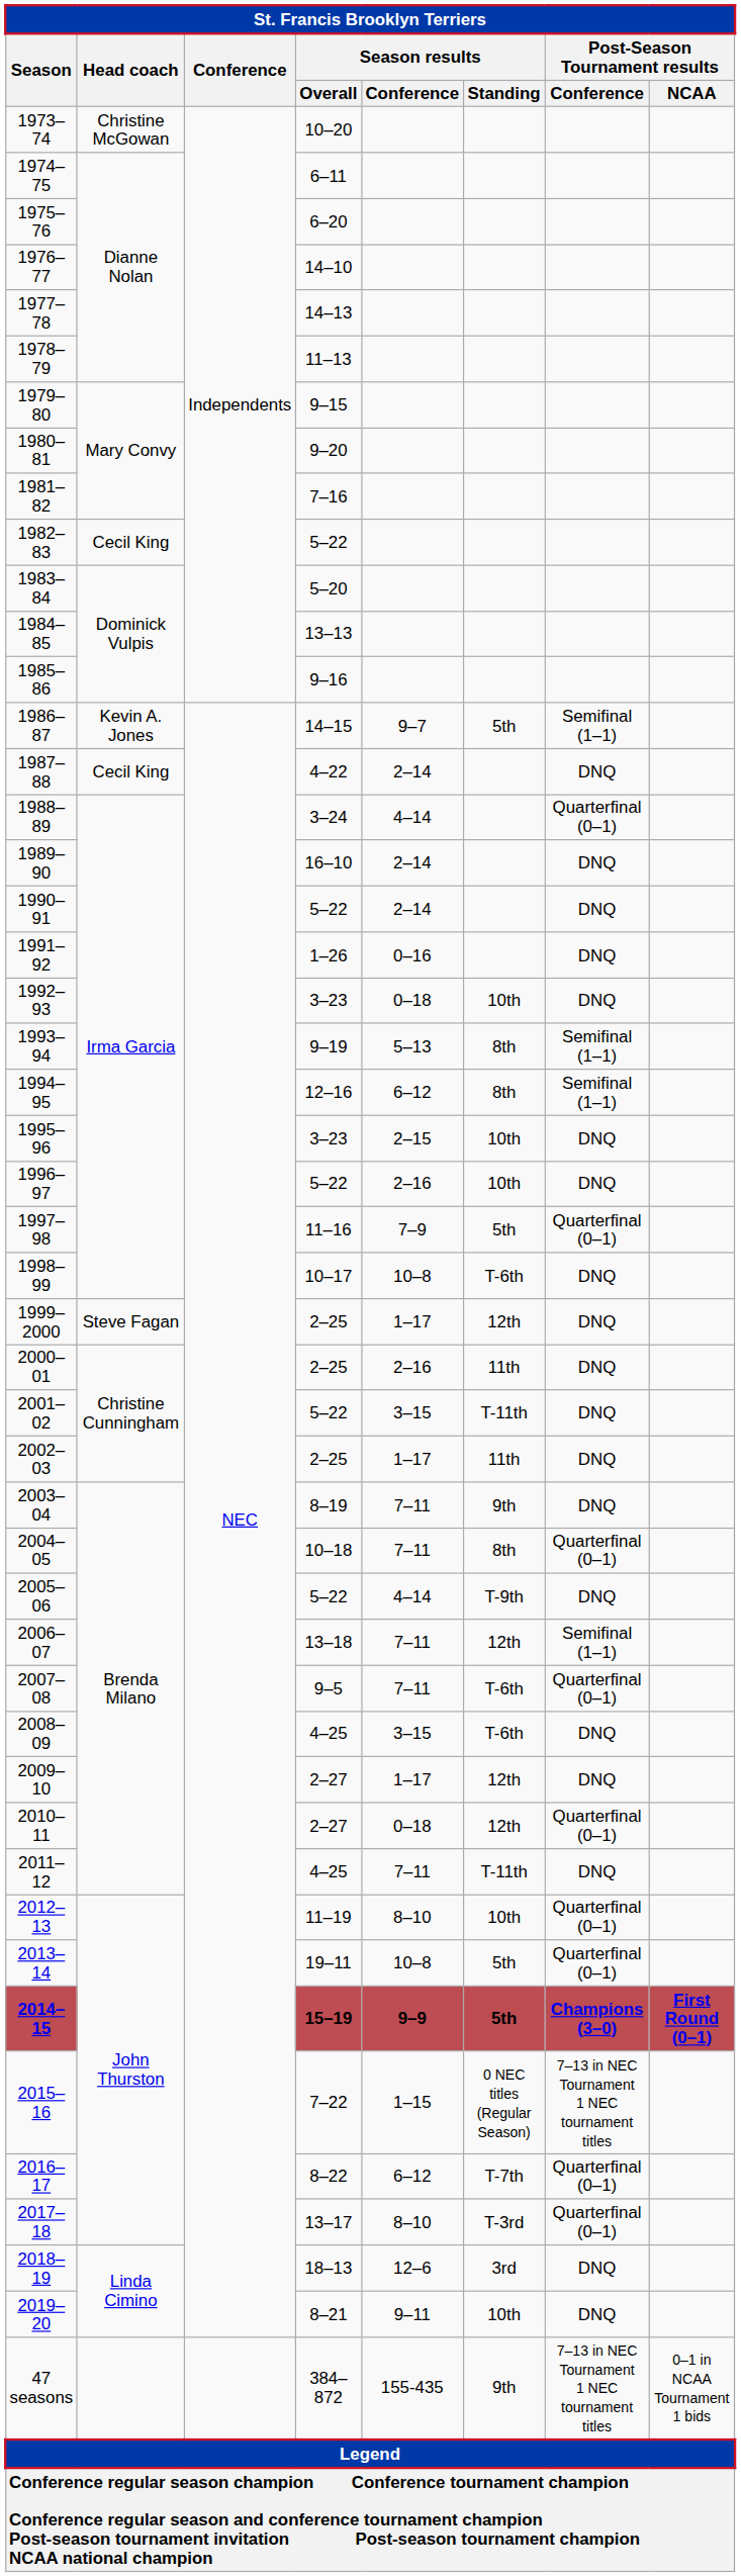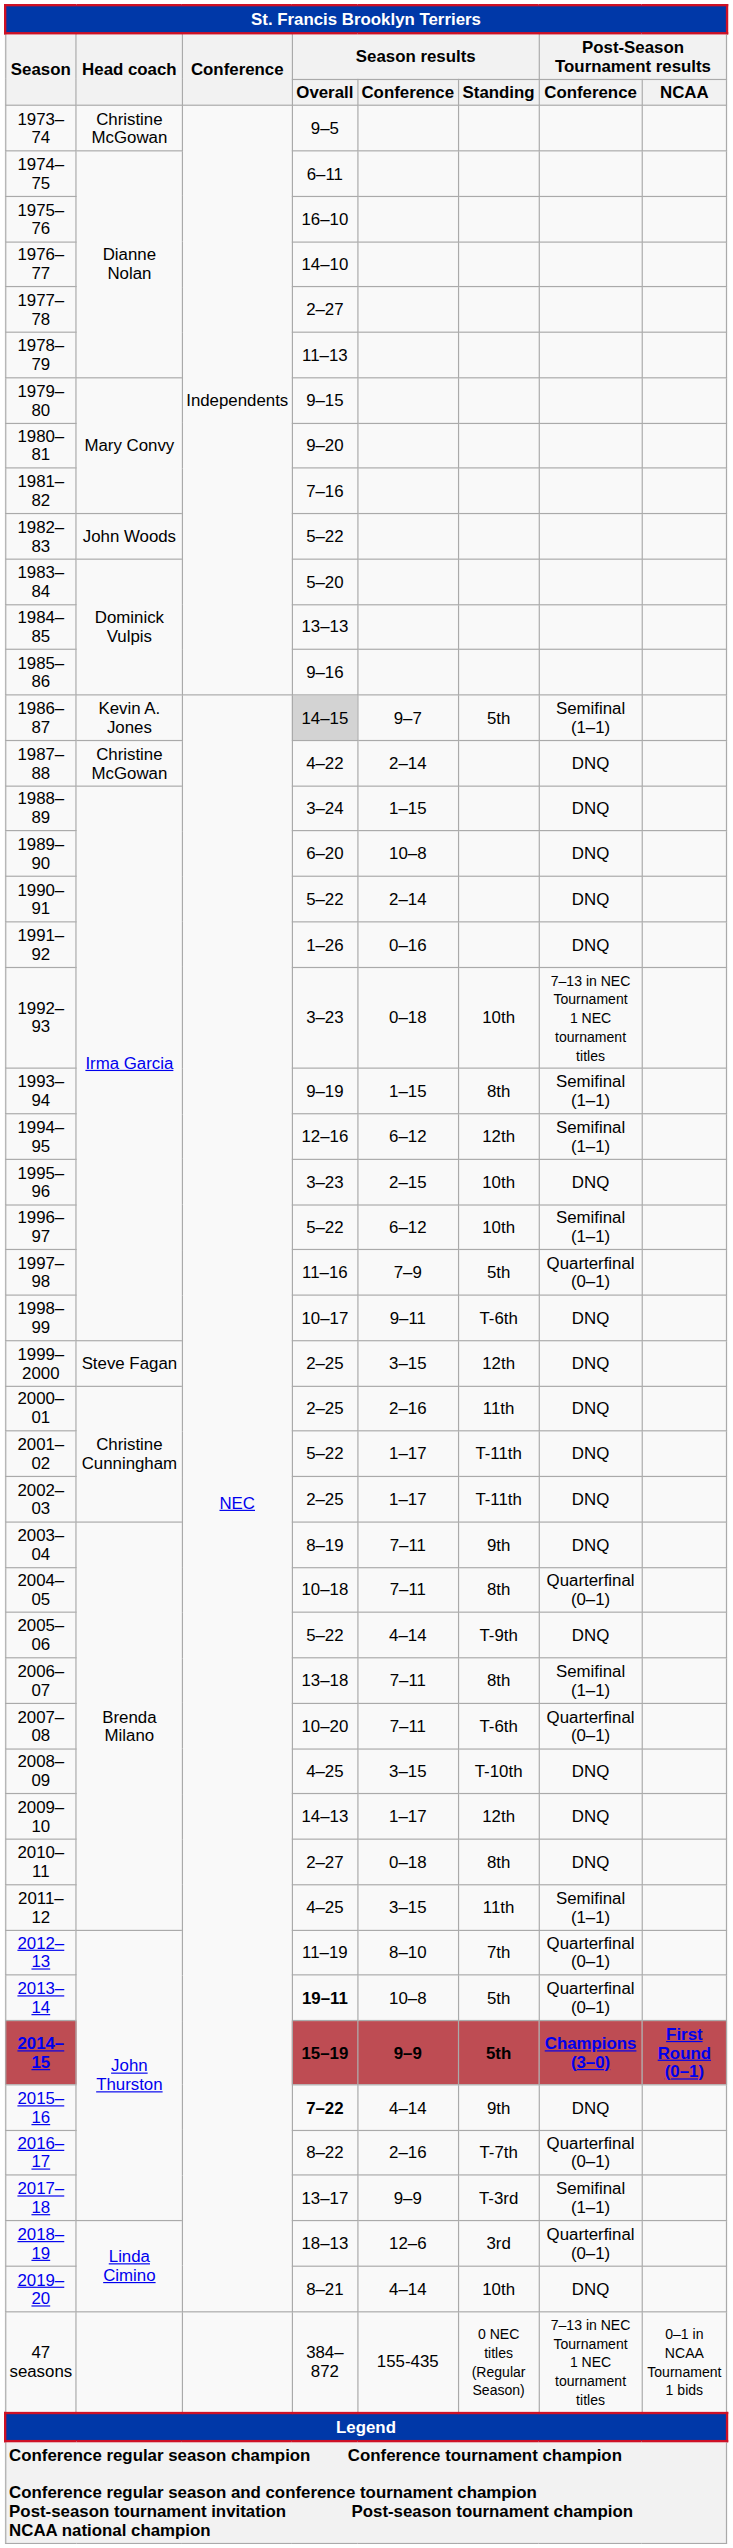 <table class="wikitable" style="font-size: 90%; width:70%; text-align:center;">
 <tr>
 <td colspan=10 style="background:#0038A8; border: 2px solid #CE1126;;color:#FFFFFF;"><strong>St. Francis Brooklyn Terriers</strong></td>
 </tr>
 <tr>
 <th rowspan="2">Season</th>
 <th rowspan="2">Head coach</th>
 <th rowspan="2">Conference</th>
 <th colspan="3">Season results</th>
 <th colspan="2">Post-Season Tournament results</th>
 </tr>
 <tr>
 <th rowspan="1">Overall</th>
 <th rowspan="1">Conference</th>
 <th rowspan="1">Standing</th>
 <th rowspan="1">Conference</th>
 <th rowspan="1">NCAA</th>
 </tr>
 <tr>
 <td>1973–74</td>
 <td>Christine McGowan</td>
 <td rowspan=13>Independents</td>
-<td>10–20</td>
+<td>9–5</td>
 <td></td>
 <td></td>
 <td></td>
 <td></td>
 </tr>
 <tr>
 <td>1974–75</td>
 <td rowspan=5>Dianne Nolan</td>
 <td>6–11</td>
 <td></td>
 <td></td>
 <td></td>
 <td></td>
 </tr>
 <tr>
 <td>1975–76</td>
-<td>6–20</td>
+<td>16–10</td>
 <td></td>
 <td></td>
 <td></td>
 <td></td>
 </tr>
 <tr>
 <td>1976–77</td>
 <td>14–10</td>
 <td></td>
 <td></td>
 <td></td>
 <td></td>
 </tr>
 <tr>
 <td>1977–78</td>
-<td>14–13</td>
+<td>2–27</td>
 <td></td>
 <td></td>
 <td></td>
 <td></td>
 </tr>
 <tr>
 <td>1978–79</td>
 <td>11–13</td>
 <td></td>
 <td></td>
 <td></td>
 <td></td>
 </tr>
 <tr>
 <td>1979–80</td>
 <td rowspan=3>Mary Convy</td>
 <td>9–15</td>
 <td></td>
 <td></td>
 <td></td>
 <td></td>
 </tr>
 <tr>
 <td>1980–81</td>
 <td>9–20</td>
 <td></td>
 <td></td>
 <td></td>
 <td></td>
 </tr>
 <tr>
 <td>1981–82</td>
 <td>7–16</td>
 <td></td>
 <td></td>
 <td></td>
 <td></td>
 </tr>
 <tr>
 <td>1982–83</td>
-<td>Cecil King</td>
+<td>John Woods</td>
 <td>5–22</td>
 <td></td>
 <td></td>
 <td></td>
 <td></td>
 </tr>
 <tr>
 <td>1983–84</td>
 <td rowspan=3>Dominick Vulpis</td>
 <td>5–20</td>
 <td></td>
 <td></td>
 <td></td>
 <td></td>
 </tr>
 <tr>
 <td>1984–85</td>
 <td>13–13</td>
 <td></td>
 <td></td>
 <td></td>
 <td></td>
 </tr>
 <tr>
 <td>1985–86</td>
 <td>9–16</td>
 <td></td>
 <td></td>
 <td></td>
 <td></td>
 </tr>
 <tr>
 <td>1986–87</td>
 <td>Kevin A. Jones</td>
 <td rowspan=34><a href='#'>NEC</a></td>
-<td>14–15</td>
+<td style="background: lightgrey;">14–15</td>
 <td>9–7</td>
 <td>5th</td>
 <td>Semifinal (1–1)</td>
 <td></td>
 </tr>
 <tr>
 <td>1987–88</td>
-<td>Cecil King</td>
+<td>Christine McGowan</td>
 <td>4–22</td>
 <td>2–14</td>
 <td></td>
 <td>DNQ</td>
 <td></td>
 </tr>
 <tr>
 <td>1988–89</td>
 <td rowspan=11><a href='#'>Irma Garcia</a></td>
 <td>3–24</td>
-<td>4–14</td>
+<td>1–15</td>
 <td></td>
-<td>Quarterfinal (0–1)</td>
+<td>DNQ</td>
 <td></td>
 </tr>
 <tr>
 <td>1989–90</td>
-<td>16–10</td>
-<td>2–14</td>
+<td>6–20</td>
+<td>10–8</td>
 <td></td>
 <td>DNQ</td>
 <td></td>
 </tr>
 <tr>
 <td>1990–91</td>
 <td>5–22</td>
 <td>2–14</td>
 <td></td>
 <td>DNQ</td>
 <td></td>
 </tr>
 <tr>
 <td>1991–92</td>
 <td>1–26</td>
 <td>0–16</td>
 <td></td>
 <td>DNQ</td>
 <td></td>
 </tr>
 <tr>
 <td>1992–93</td>
 <td>3–23</td>
 <td>0–18</td>
 <td>10th</td>
-<td>DNQ</td>
+<td><small> 7–13 in NEC Tournament<br>1 NEC tournament titles</small></td>
 <td></td>
 </tr>
 <tr>
 <td>1993–94</td>
 <td>9–19</td>
-<td>5–13</td>
+<td>1–15</td>
 <td>8th</td>
 <td>Semifinal (1–1)</td>
 <td></td>
 </tr>
 <tr>
 <td>1994–95</td>
 <td>12–16</td>
 <td>6–12</td>
-<td>8th</td>
+<td>12th</td>
 <td>Semifinal (1–1)</td>
 <td></td>
 </tr>
 <tr>
 <td>1995–96</td>
 <td>3–23</td>
 <td>2–15</td>
 <td>10th</td>
 <td>DNQ</td>
 <td></td>
 </tr>
 <tr>
 <td>1996–97</td>
 <td>5–22</td>
-<td>2–16</td>
+<td>6–12</td>
 <td>10th</td>
-<td>DNQ</td>
+<td>Semifinal (1–1)</td>
 <td></td>
 </tr>
 <tr>
 <td>1997–98</td>
 <td>11–16</td>
 <td>7–9</td>
 <td>5th</td>
 <td>Quarterfinal (0–1)</td>
 <td></td>
 </tr>
 <tr>
 <td>1998–99</td>
 <td>10–17</td>
-<td>10–8</td>
+<td>9–11</td>
 <td>T-6th</td>
 <td>DNQ</td>
 <td></td>
 </tr>
 <tr>
 <td>1999–2000</td>
 <td>Steve Fagan</td>
 <td>2–25</td>
-<td>1–17</td>
+<td>3–15</td>
 <td>12th</td>
 <td>DNQ</td>
 <td></td>
 </tr>
 <tr>
 <td>2000–01</td>
 <td rowspan=3>Christine Cunningham</td>
 <td>2–25</td>
 <td>2–16</td>
 <td>11th</td>
 <td>DNQ</td>
 <td></td>
 </tr>
 <tr>
 <td>2001–02</td>
 <td>5–22</td>
-<td>3–15</td>
+<td>1–17</td>
 <td>T-11th</td>
 <td>DNQ</td>
 <td></td>
 </tr>
 <tr>
 <td>2002–03</td>
 <td>2–25</td>
 <td>1–17</td>
-<td>11th</td>
+<td>T-11th</td>
 <td>DNQ</td>
 <td></td>
 </tr>
 <tr>
 <td>2003–04</td>
 <td rowspan=9>Brenda Milano</td>
 <td>8–19</td>
 <td>7–11</td>
 <td>9th</td>
 <td>DNQ</td>
 <td></td>
 </tr>
 <tr>
 <td>2004–05</td>
 <td>10–18</td>
 <td>7–11</td>
 <td>8th</td>
 <td>Quarterfinal (0–1)</td>
 <td></td>
 </tr>
 <tr>
 <td>2005–06</td>
 <td>5–22</td>
 <td>4–14</td>
 <td>T-9th</td>
 <td>DNQ</td>
 <td></td>
 </tr>
 <tr>
 <td>2006–07</td>
 <td>13–18</td>
 <td>7–11</td>
-<td>12th</td>
+<td>8th</td>
 <td>Semifinal (1–1)</td>
 <td></td>
 </tr>
 <tr>
 <td>2007–08</td>
-<td>9–5</td>
+<td>10–20</td>
 <td>7–11</td>
 <td>T-6th</td>
 <td>Quarterfinal (0–1)</td>
 <td></td>
 </tr>
 <tr>
 <td>2008–09</td>
 <td>4–25</td>
 <td>3–15</td>
-<td>T-6th</td>
+<td>T-10th</td>
 <td>DNQ</td>
 <td></td>
 </tr>
 <tr>
 <td>2009–10</td>
-<td>2–27</td>
+<td>14–13</td>
 <td>1–17</td>
 <td>12th</td>
 <td>DNQ</td>
 <td></td>
 </tr>
 <tr>
 <td>2010–11</td>
 <td>2–27</td>
 <td>0–18</td>
-<td>12th</td>
-<td>Quarterfinal (0–1)</td>
+<td>8th</td>
+<td>DNQ</td>
 <td></td>
 </tr>
 <tr>
 <td>2011–12</td>
 <td>4–25</td>
-<td>7–11</td>
-<td>T-11th</td>
-<td>DNQ</td>
+<td>3–15</td>
+<td>11th</td>
+<td>Semifinal (1–1)</td>
 <td></td>
 </tr>
 <tr>
 <td><a href='#'>2012–13</a></td>
 <td rowspan=6><a href='#'>John Thurston</a></td>
 <td>11–19</td>
 <td>8–10</td>
-<td>10th</td>
+<td>7th</td>
 <td>Quarterfinal (0–1)</td>
 <td></td>
 </tr>
 <tr>
 <td><a href='#'>2013–14</a></td>
-<td>19–11</td>
+<td><strong>19–11</strong></td>
 <td>10–8</td>
 <td>5th</td>
 <td>Quarterfinal (0–1)</td>
 <td></td>
 </tr>
 <tr>
 <td style="background: #be4c53;"><a href='#'><span><strong>2014–15</strong></span></a></td>
 <td style="background: #be4c53;"><span><strong>15–19</strong></span></td>
 <td style="background: #be4c53;"><span><strong>9–9</strong></span></td>
 <td style="background: #be4c53;"><span><strong>5th</strong></span></td>
 <td style="background: #be4c53;"><a href='#'><span><strong>Champions (3–0)</strong></span></a></td>
 <td style="background: #be4c53;"><a href='#'><span><strong>First Round (0–1)</strong></span></a></td>
 </tr>
 <tr>
 <td><a href='#'>2015–16</a></td>
-<td>7–22</td>
-<td>1–15</td>
-<td><small> 0 NEC titles<br>(Regular Season)</small></td>
-<td><small> 7–13 in NEC Tournament<br>1 NEC tournament titles</small></td>
+<td><strong>7–22</strong></td>
+<td>4–14</td>
+<td>9th</td>
+<td>DNQ</td>
 <td></td>
 </tr>
 <tr>
 <td><a href='#'>2016–17</a></td>
 <td>8–22</td>
-<td>6–12</td>
+<td>2–16</td>
 <td>T-7th</td>
 <td>Quarterfinal (0–1)</td>
 <td></td>
 </tr>
 <tr>
 <td><a href='#'>2017–18</a></td>
 <td>13–17</td>
-<td>8–10</td>
+<td>9–9</td>
 <td>T-3rd</td>
-<td>Quarterfinal (0–1)</td>
+<td>Semifinal (1–1)</td>
 <td></td>
 </tr>
 <tr>
 <td><a href='#'>2018–19</a></td>
 <td rowspan=2><a href='#'>Linda Cimino</a></td>
 <td>18–13</td>
 <td>12–6</td>
 <td>3rd</td>
-<td>DNQ</td>
+<td>Quarterfinal (0–1)</td>
 <td></td>
 </tr>
 <tr>
 <td><a href='#'>2019–20</a></td>
 <td>8–21</td>
-<td>9–11</td>
+<td>4–14</td>
 <td>10th</td>
 <td>DNQ</td>
 <td></td>
 </tr>
 <tr>
 <td>47<br>seasons</td>
 <td> </td>
 <td> </td>
 <td>384–872</td>
 <td>155-435</td>
-<td>9th</td>
+<td><small> 0 NEC titles<br>(Regular Season)</small></td>
 <td><small> 7–13 in NEC Tournament<br>1 NEC tournament titles</small></td>
 <td><small> 0–1 in NCAA Tournament<br> 1 bids</small></td>
 </tr>
 <tr>
 <th colspan=8 style="background:#0038A8; border: 2px solid #CE1126;;color:#FFFFFF;"><strong>Legend</strong></th>
 </tr>
 <tr>
 <th colspan=8 style="text-align:left;"> Conference regular season champion         Conference tournament champion<br><br> Conference regular season and conference tournament champion<br>  Post-season tournament invitation              Post-season tournament champion<br>   NCAA national champion</th>
 </tr>
 </table>
